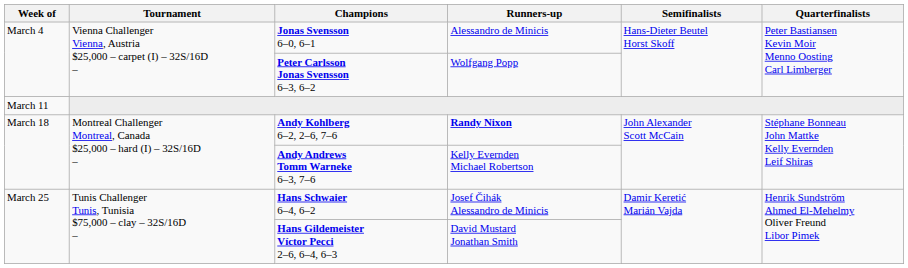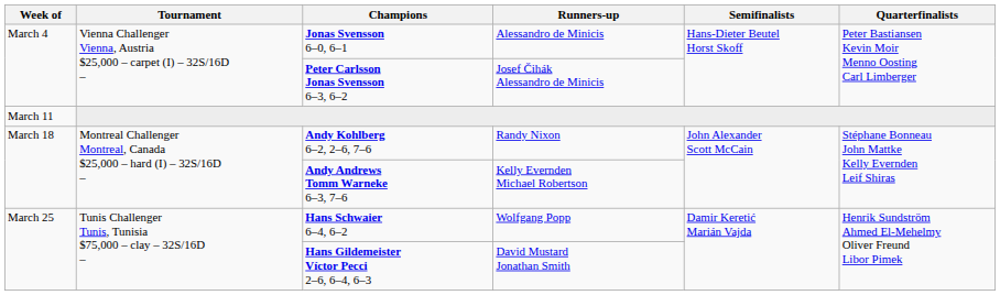 <table class="wikitable" style="font-size:85%;">
 <tr>
 <th width="75">Week of</th>
 <th width="250">Tournament</th>
 <th width="210">Champions</th>
 <th width="210">Runners-up</th>
 <th width="170">Semifinalists</th>
 <th width="170">Quarterfinalists</th>
 </tr>
 <tr valign="top">
 <td rowspan="2">March 4</td>
 <td rowspan="2">Vienna Challenger<br> <a href='#'>Vienna</a>, Austria<br>$25,000 – carpet (I) – 32S/16D<br>  – </td>
 <td> <strong><a href='#'>Jonas Svensson</a></strong> <br>6–0, 6–1</td>
 <td> <a href='#'>Alessandro de Minicis</a></td>
 <td rowspan="2"> <a href='#'>Hans-Dieter Beutel</a> <br>  <a href='#'>Horst Skoff</a></td>
 <td rowspan="2"> <a href='#'>Peter Bastiansen</a> <br> <a href='#'>Kevin Moir</a> <br> <a href='#'>Menno Oosting</a> <br>  <a href='#'>Carl Limberger</a></td>
 </tr>
 <tr valign="top">
 <td> <strong><a href='#'>Peter Carlsson</a></strong> <br> <strong><a href='#'>Jonas Svensson</a></strong><br>6–3, 6–2</td>
-<td> <a href='#'>Wolfgang Popp</a></td>
+<td> <a href='#'>Josef Čihák</a><br>  <a href='#'>Alessandro de Minicis</a></td>
 </tr>
 <tr valign="top">
 <td rowspan="1">March 11</td>
 <td colspan="5" bgcolor="#ededed"></td>
 </tr>
 <tr valign="top">
 <td rowspan="2">March 18</td>
 <td rowspan="2">Montreal Challenger<br> <a href='#'>Montreal</a>, Canada<br>$25,000 – hard (I) – 32S/16D<br>  – </td>
 <td> <strong><a href='#'>Andy Kohlberg</a></strong> <br>6–2, 2–6, 7–6</td>
-<td><strong> <a href='#'>Randy Nixon</a></strong></td>
+<td> <a href='#'>Randy Nixon</a></td>
 <td rowspan="2"> <a href='#'>John Alexander</a> <br>  <a href='#'>Scott McCain</a></td>
 <td rowspan="2"> <a href='#'>Stéphane Bonneau</a> <br> <a href='#'>John Mattke</a> <br> <a href='#'>Kelly Evernden</a> <br>  <a href='#'>Leif Shiras</a></td>
 </tr>
 <tr valign="top">
 <td> <strong><a href='#'>Andy Andrews</a></strong> <br> <strong><a href='#'>Tomm Warneke</a></strong><br>6–3, 7–6</td>
 <td> <a href='#'>Kelly Evernden</a><br>  <a href='#'>Michael Robertson</a></td>
 </tr>
 <tr valign="top">
 <td rowspan="2">March 25</td>
 <td rowspan="2">Tunis Challenger<br> <a href='#'>Tunis</a>, Tunisia<br>$75,000 – clay – 32S/16D<br>  – </td>
 <td> <strong><a href='#'>Hans Schwaier</a></strong> <br>6–4, 6–2</td>
-<td> <a href='#'>Josef Čihák</a><br>  <a href='#'>Alessandro de Minicis</a></td>
+<td> <a href='#'>Wolfgang Popp</a></td>
 <td rowspan="2"> <a href='#'>Damir Keretić</a> <br>  <a href='#'>Marián Vajda</a></td>
 <td rowspan="2"> <a href='#'>Henrik Sundström</a> <br> <a href='#'>Ahmed El-Mehelmy</a> <br> Oliver Freund <br>  <a href='#'>Libor Pimek</a></td>
 </tr>
 <tr valign="top">
 <td> <strong><a href='#'>Hans Gildemeister</a></strong> <br> <strong><a href='#'>Víctor Pecci</a></strong><br>2–6, 6–4, 6–3</td>
 <td> <a href='#'>David Mustard</a> <br>  <a href='#'>Jonathan Smith</a></td>
 </tr>
 </table>
